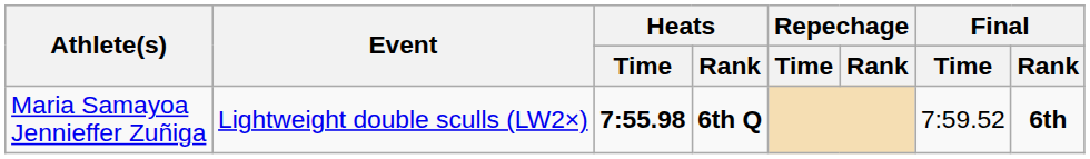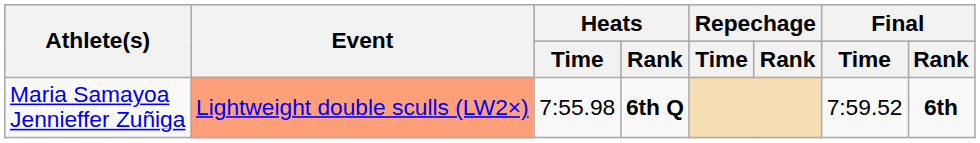 <table class="wikitable" border="1" style="font-size:90%">
 <tr>
 <th rowspan=2>Athlete(s)</th>
 <th rowspan=2>Event</th>
 <th colspan=2>Heats</th>
 <th colspan=2>Repechage</th>
 <th colspan=2>Final</th>
 </tr>
 <tr>
 <th>Time</th>
 <th>Rank</th>
 <th>Time</th>
 <th>Rank</th>
 <th>Time</th>
 <th>Rank</th>
 </tr>
 <tr>
 <td><a href='#'>Maria Samayoa</a><br><a href='#'>Jennieffer Zuñiga</a></td>
-<td><a href='#'>Lightweight double sculls (LW2×)</a></td>
-<td align=center><strong>7:55.98</strong></td>
+<td style="background: lightsalmon;"><a href='#'>Lightweight double sculls (LW2×)</a></td>
+<td align=center>7:55.98</td>
 <td align=center><strong>6th Q</strong></td>
 <td align="center" colspan="2" bgcolor=wheat></td>
 <td align=center>7:59.52</td>
 <td align=center><strong>6th</strong></td>
 </tr>
 </table>
